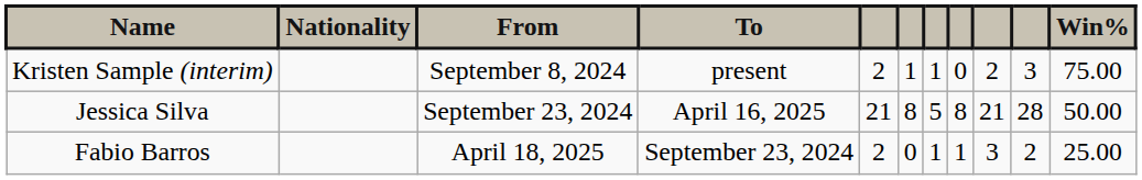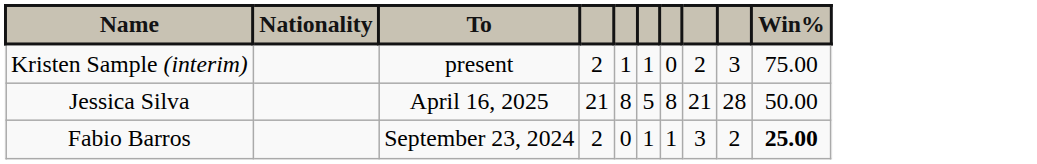 <table class="wikitable" style="text-align: center;">
 <tr>
 <th style="background:#c8c2b3; color:#131314; border:2px solid #131314;" scope="col">Name</th>
 <th style="background:#c8c2b3; color:#131314; border:2px solid #131314;" scope="col">Nationality</th>
-<th style="background:#c8c2b3; color:#131314; border:2px solid #131314;" scope="col">From</th>
 <th style="background:#c8c2b3; color:#131314; border:2px solid #131314;" scope="col">To</th>
 <th style="background:#c8c2b3; color:#131314; border:2px solid #131314;" scope="col"></th>
 <th style="background:#c8c2b3; color:#131314; border:2px solid #131314;" scope="col"></th>
 <th style="background:#c8c2b3; color:#131314; border:2px solid #131314;" scope="col"></th>
 <th style="background:#c8c2b3; color:#131314; border:2px solid #131314;" scope="col"></th>
 <th style="background:#c8c2b3; color:#131314; border:2px solid #131314;" scope="col"></th>
 <th style="background:#c8c2b3; color:#131314; border:2px solid #131314;" scope="col"></th>
 <th style="background:#c8c2b3; color:#131314; border:2px solid #131314;" scope="col">Win%</th>
 </tr>
 <tr>
 <td {{sortname>Kristen Sample <em>(interim)</em></td>
 <td></td>
-<td style="text-align:center;">September 8, 2024</td>
 <td>present</td>
 <td>2</td>
 <td>1</td>
 <td>1</td>
 <td>0</td>
 <td>2</td>
 <td>3</td>
 <td>75.00</td>
 </tr>
 <tr>
 <td {{sortname>Jessica Silva</td>
 <td></td>
-<td style="text-align:center;">September 23, 2024</td>
 <td style="text-align:center;">April 16, 2025</td>
 <td>21</td>
 <td>8</td>
 <td>5</td>
 <td>8</td>
 <td>21</td>
 <td>28</td>
 <td>50.00</td>
 </tr>
 <tr>
 <td>Fabio Barros</td>
 <td></td>
-<td>April 18, 2025</td>
 <td style="text-align:center;">September 23, 2024</td>
 <td>2</td>
 <td>0</td>
 <td>1</td>
 <td>1</td>
 <td>3</td>
 <td>2</td>
-<td>25.00</td>
+<td><strong>25.00</strong></td>
 </tr>
 </table>
